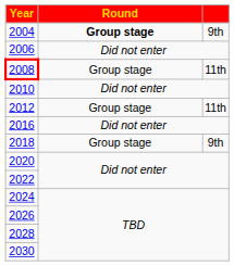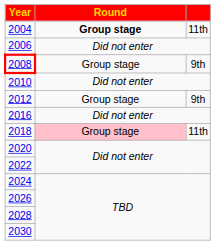 <table class="wikitable" style="text-align: center; font-size:90%">
 <tr style="color:gold;">
 <th style="background:#FF0000;">Year</th>
 <th style="background:#FF0000; width:200px">Round</th>
 <th style="background:#FF0000;"></th>
 </tr>
 <tr>
 <td><a href='#'>2004</a></td>
 <td><strong>Group stage</strong></td>
-<td>9th</td>
+<td>11th</td>
 </tr>
 <tr>
 <td><a href='#'>2006</a></td>
 <td colspan="2"><em>Did not enter</em></td>
 </tr>
 <tr>
 <td style="border: 3px solid red"><a href='#'>2008</a></td>
 <td>Group stage</td>
-<td>11th</td>
+<td>9th</td>
 </tr>
 <tr>
 <td><a href='#'>2010</a></td>
 <td colspan="2"><em>Did not enter</em></td>
 </tr>
 <tr>
 <td><a href='#'>2012</a></td>
 <td>Group stage</td>
-<td>11th</td>
+<td>9th</td>
 </tr>
 <tr>
 <td><a href='#'>2016</a></td>
 <td colspan="2"><em>Did not enter</em></td>
 </tr>
 <tr>
 <td><a href='#'>2018</a></td>
-<td>Group stage</td>
-<td>9th</td>
+<td style="background: pink;">Group stage</td>
+<td>11th</td>
 </tr>
 <tr>
 <td><a href='#'>2020</a></td>
 <td colspan="2" rowspan="2"><em>Did not enter</em></td>
 </tr>
 <tr>
 <td><a href='#'>2022</a></td>
 </tr>
 <tr>
 <td><a href='#'>2024</a></td>
 <td colspan="2" rowspan="4"><em>TBD</em></td>
 </tr>
 <tr>
 <td><a href='#'>2026</a></td>
 </tr>
 <tr>
 <td><a href='#'>2028</a></td>
 </tr>
 <tr>
 <td><a href='#'>2030</a></td>
 </tr>
 </table>
